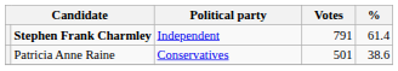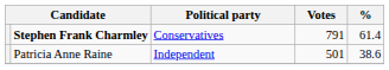 <table class="wikitable">
 <tr>
 <th valign=top colspan="2" style="width: 180px">Candidate</th>
 <th valign=top style="width: 180px">Political party</th>
 <th valign=top style="width: 60px">Votes</th>
 <th valign=top style="width: 40px">%</th>
 </tr>
 <tr>
 <th style="background-color: "></th>
 <td><strong>Stephen Frank Charmley</strong></td>
-<td><a href='#'>Independent</a></td>
+<td><a href='#'>Conservatives</a></td>
 <td align="right">791</td>
 <td align="right">61.4</td>
 </tr>
 <tr>
 <th style="background-color: "></th>
 <td>Patricia Anne Raine</td>
-<td><a href='#'>Conservatives</a></td>
+<td><a href='#'>Independent</a></td>
 <td align="right">501</td>
 <td align="right">38.6</td>
 </tr>
 <tr>
 </tr>
 </table>
